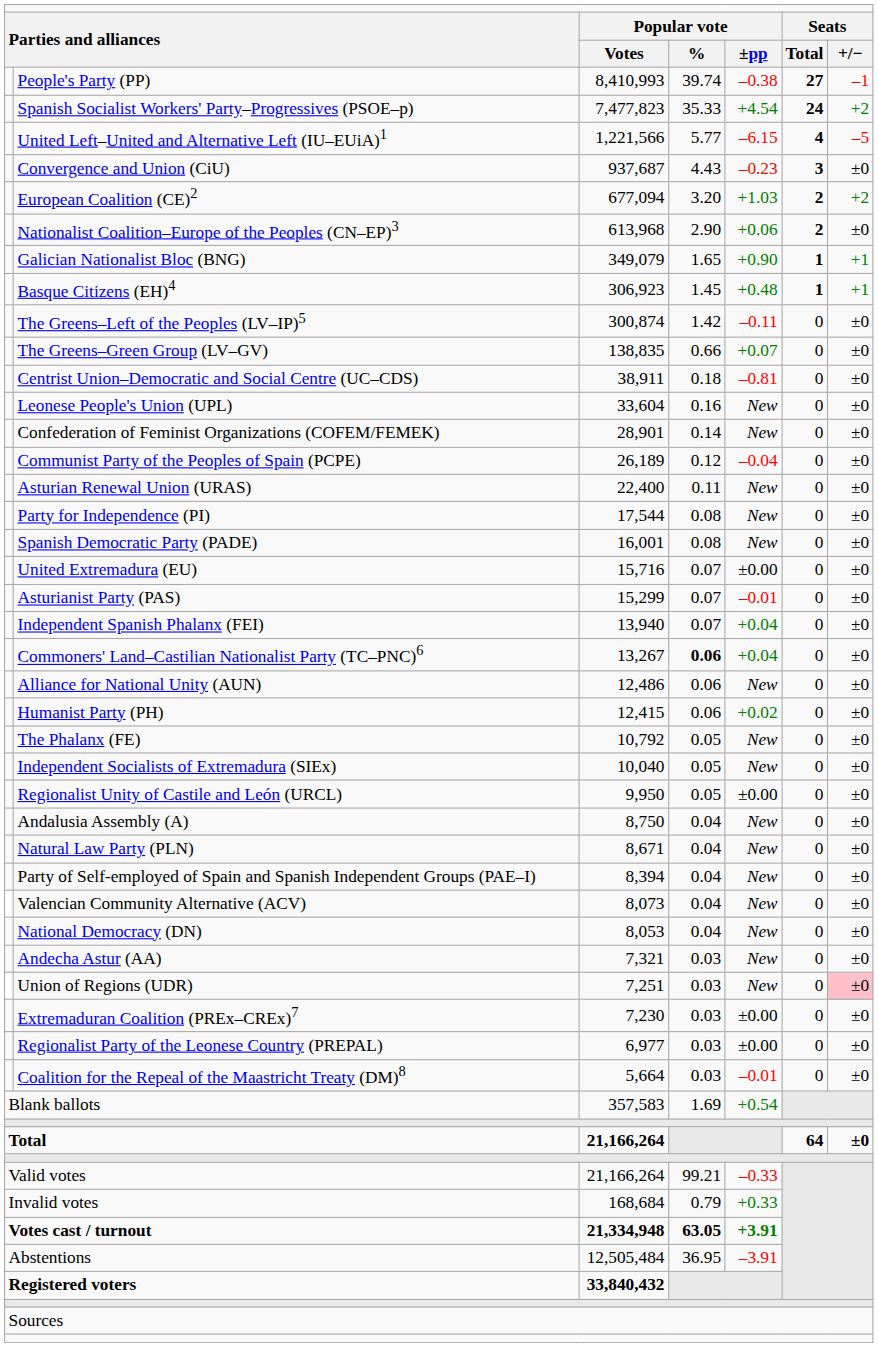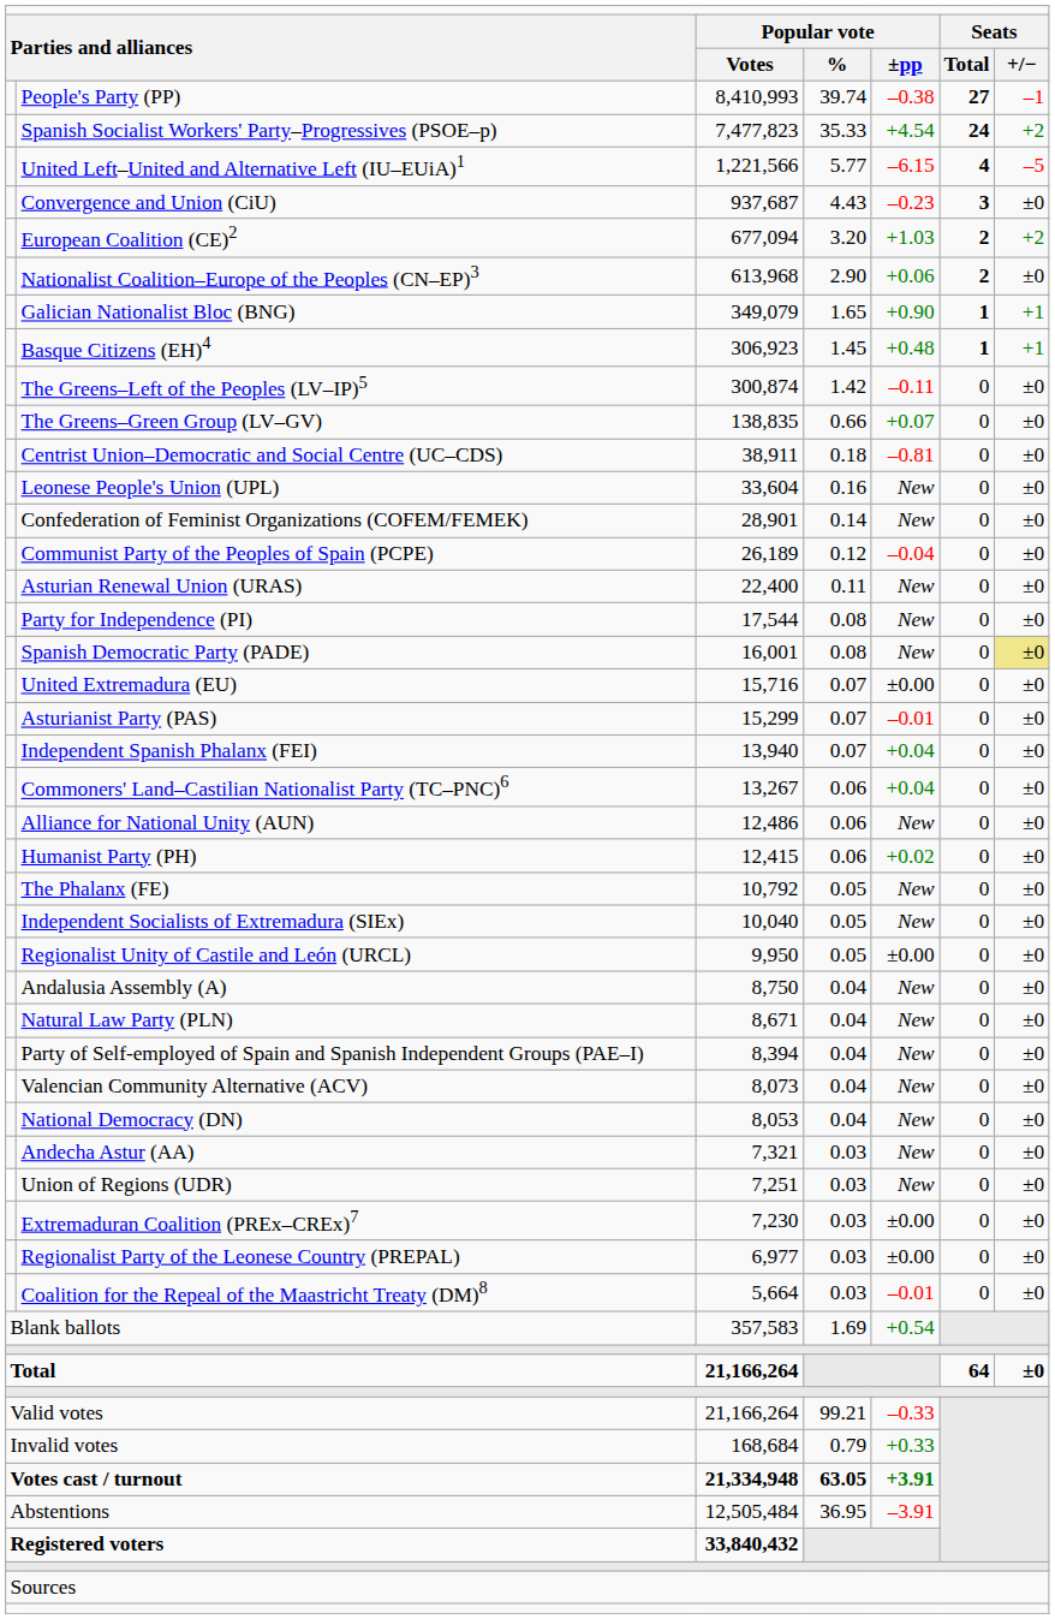 <table class="wikitable" style="text-align:right;">
 <tr>
 <td colspan="7"></td>
 </tr>
 <tr>
 <th style="text-align:left;" rowspan="2" colspan="2" width="525">Parties and alliances</th>
 <th colspan="3">Popular vote</th>
 <th colspan="2">Seats</th>
 </tr>
 <tr>
 <th width="75">Votes</th>
 <th width="45">%</th>
 <th width="45">±<a href='#'>pp</a></th>
 <th width="35">Total</th>
 <th width="35">+/−</th>
 </tr>
 <tr>
 <td width="1" style="color:inherit;background:"></td>
 <td align="left"><a href='#'>People's Party</a> (PP)</td>
 <td>8,410,993</td>
 <td>39.74</td>
 <td style="color:red;">–0.38</td>
 <td><strong>27</strong></td>
 <td style="color:red;">–1</td>
 </tr>
 <tr>
 <td style="color:inherit;background:"></td>
 <td align="left"><a href='#'>Spanish Socialist Workers' Party</a>–<a href='#'>Progressives</a> (PSOE–p)</td>
 <td>7,477,823</td>
 <td>35.33</td>
 <td style="color:green;">+4.54</td>
 <td><strong>24</strong></td>
 <td style="color:green;">+2</td>
 </tr>
 <tr>
 <td style="color:inherit;background:"></td>
 <td align="left"><a href='#'>United Left</a>–<a href='#'>United and Alternative Left</a> (IU–EUiA)<sup>1</sup></td>
 <td>1,221,566</td>
 <td>5.77</td>
 <td style="color:red;">–6.15</td>
 <td><strong>4</strong></td>
 <td style="color:red;">–5</td>
 </tr>
 <tr>
 <td style="color:inherit;background:"></td>
 <td align="left"><a href='#'>Convergence and Union</a> (CiU)</td>
 <td>937,687</td>
 <td>4.43</td>
 <td style="color:red;">–0.23</td>
 <td><strong>3</strong></td>
 <td>±0</td>
 </tr>
 <tr>
 <td style="color:inherit;background:"></td>
 <td align="left"><a href='#'>European Coalition</a> (CE)<sup>2</sup></td>
 <td>677,094</td>
 <td>3.20</td>
 <td style="color:green;">+1.03</td>
 <td><strong>2</strong></td>
 <td style="color:green;">+2</td>
 </tr>
 <tr>
 <td style="color:inherit;background:"></td>
 <td align="left"><a href='#'>Nationalist Coalition–Europe of the Peoples</a> (CN–EP)<sup>3</sup></td>
 <td>613,968</td>
 <td>2.90</td>
 <td style="color:green;">+0.06</td>
 <td><strong>2</strong></td>
 <td>±0</td>
 </tr>
 <tr>
 <td style="color:inherit;background:"></td>
 <td align="left"><a href='#'>Galician Nationalist Bloc</a> (BNG)</td>
 <td>349,079</td>
 <td>1.65</td>
 <td style="color:green;">+0.90</td>
 <td><strong>1</strong></td>
 <td style="color:green;">+1</td>
 </tr>
 <tr>
 <td style="color:inherit;background:"></td>
 <td align="left"><a href='#'>Basque Citizens</a> (EH)<sup>4</sup></td>
 <td>306,923</td>
 <td>1.45</td>
 <td style="color:green;">+0.48</td>
 <td><strong>1</strong></td>
 <td style="color:green;">+1</td>
 </tr>
 <tr>
 <td style="color:inherit;background:"></td>
 <td align="left"><a href='#'>The Greens–Left of the Peoples</a> (LV–IP)<sup>5</sup></td>
 <td>300,874</td>
 <td>1.42</td>
 <td style="color:red;">–0.11</td>
 <td>0</td>
 <td>±0</td>
 </tr>
 <tr>
 <td style="color:inherit;background:"></td>
 <td align="left"><a href='#'>The Greens–Green Group</a> (LV–GV)</td>
 <td>138,835</td>
 <td>0.66</td>
 <td style="color:green;">+0.07</td>
 <td>0</td>
 <td>±0</td>
 </tr>
 <tr>
 <td style="color:inherit;background:"></td>
 <td align="left"><a href='#'>Centrist Union–Democratic and Social Centre</a> (UC–CDS)</td>
 <td>38,911</td>
 <td>0.18</td>
 <td style="color:red;">–0.81</td>
 <td>0</td>
 <td>±0</td>
 </tr>
 <tr>
 <td style="color:inherit;background:"></td>
 <td align="left"><a href='#'>Leonese People's Union</a> (UPL)</td>
 <td>33,604</td>
 <td>0.16</td>
 <td><em>New</em></td>
 <td>0</td>
 <td>±0</td>
 </tr>
 <tr>
 <td style="color:inherit;background:"></td>
 <td align="left">Confederation of Feminist Organizations (COFEM/FEMEK)</td>
 <td>28,901</td>
 <td>0.14</td>
 <td><em>New</em></td>
 <td>0</td>
 <td>±0</td>
 </tr>
 <tr>
 <td style="color:inherit;background:"></td>
 <td align="left"><a href='#'>Communist Party of the Peoples of Spain</a> (PCPE)</td>
 <td>26,189</td>
 <td>0.12</td>
 <td style="color:red;">–0.04</td>
 <td>0</td>
 <td>±0</td>
 </tr>
 <tr>
 <td style="color:inherit;background:"></td>
 <td align="left"><a href='#'>Asturian Renewal Union</a> (URAS)</td>
 <td>22,400</td>
 <td>0.11</td>
 <td><em>New</em></td>
 <td>0</td>
 <td>±0</td>
 </tr>
 <tr>
 <td style="color:inherit;background:"></td>
 <td align="left"><a href='#'>Party for Independence</a> (PI)</td>
 <td>17,544</td>
 <td>0.08</td>
 <td><em>New</em></td>
 <td>0</td>
 <td>±0</td>
 </tr>
 <tr>
 <td style="color:inherit;background:"></td>
 <td align="left"><a href='#'>Spanish Democratic Party</a> (PADE)</td>
 <td>16,001</td>
 <td>0.08</td>
 <td><em>New</em></td>
 <td>0</td>
-<td>±0</td>
+<td style="background: khaki;">±0</td>
 </tr>
 <tr>
 <td style="color:inherit;background:"></td>
 <td align="left"><a href='#'>United Extremadura</a> (EU)</td>
 <td>15,716</td>
 <td>0.07</td>
 <td>±0.00</td>
 <td>0</td>
 <td>±0</td>
 </tr>
 <tr>
 <td style="color:inherit;background:"></td>
 <td align="left"><a href='#'>Asturianist Party</a> (PAS)</td>
 <td>15,299</td>
 <td>0.07</td>
 <td style="color:red;">–0.01</td>
 <td>0</td>
 <td>±0</td>
 </tr>
 <tr>
 <td style="color:inherit;background:"></td>
 <td align="left"><a href='#'>Independent Spanish Phalanx</a> (FEI)</td>
 <td>13,940</td>
 <td>0.07</td>
 <td style="color:green;">+0.04</td>
 <td>0</td>
 <td>±0</td>
 </tr>
 <tr>
 <td style="color:inherit;background:"></td>
 <td align="left"><a href='#'>Commoners' Land–Castilian Nationalist Party</a> (TC–PNC)<sup>6</sup></td>
 <td>13,267</td>
-<td><strong>0.06</strong></td>
+<td>0.06</td>
 <td style="color:green;">+0.04</td>
 <td>0</td>
 <td>±0</td>
 </tr>
 <tr>
 <td style="color:inherit;background:"></td>
 <td align="left"><a href='#'>Alliance for National Unity</a> (AUN)</td>
 <td>12,486</td>
 <td>0.06</td>
 <td><em>New</em></td>
 <td>0</td>
 <td>±0</td>
 </tr>
 <tr>
 <td style="color:inherit;background:"></td>
 <td align="left"><a href='#'>Humanist Party</a> (PH)</td>
 <td>12,415</td>
 <td>0.06</td>
 <td style="color:green;">+0.02</td>
 <td>0</td>
 <td>±0</td>
 </tr>
 <tr>
 <td style="color:inherit;background:"></td>
 <td align="left"><a href='#'>The Phalanx</a> (FE)</td>
 <td>10,792</td>
 <td>0.05</td>
 <td><em>New</em></td>
 <td>0</td>
 <td>±0</td>
 </tr>
 <tr>
 <td style="color:inherit;background:"></td>
 <td align="left"><a href='#'>Independent Socialists of Extremadura</a> (SIEx)</td>
 <td>10,040</td>
 <td>0.05</td>
 <td><em>New</em></td>
 <td>0</td>
 <td>±0</td>
 </tr>
 <tr>
 <td style="color:inherit;background:"></td>
 <td align="left"><a href='#'>Regionalist Unity of Castile and León</a> (URCL)</td>
 <td>9,950</td>
 <td>0.05</td>
 <td>±0.00</td>
 <td>0</td>
 <td>±0</td>
 </tr>
 <tr>
 <td style="color:inherit;background:"></td>
 <td align="left">Andalusia Assembly (A)</td>
 <td>8,750</td>
 <td>0.04</td>
 <td><em>New</em></td>
 <td>0</td>
 <td>±0</td>
 </tr>
 <tr>
 <td style="color:inherit;background:"></td>
 <td align="left"><a href='#'>Natural Law Party</a> (PLN)</td>
 <td>8,671</td>
 <td>0.04</td>
 <td><em>New</em></td>
 <td>0</td>
 <td>±0</td>
 </tr>
 <tr>
 <td style="color:inherit;background:"></td>
 <td align="left">Party of Self-employed of Spain and Spanish Independent Groups (PAE–I)</td>
 <td>8,394</td>
 <td>0.04</td>
 <td><em>New</em></td>
 <td>0</td>
 <td>±0</td>
 </tr>
 <tr>
 <td bgcolor="white"></td>
 <td align="left">Valencian Community Alternative (ACV)</td>
 <td>8,073</td>
 <td>0.04</td>
 <td><em>New</em></td>
 <td>0</td>
 <td>±0</td>
 </tr>
 <tr>
 <td style="color:inherit;background:"></td>
 <td align="left"><a href='#'>National Democracy</a> (DN)</td>
 <td>8,053</td>
 <td>0.04</td>
 <td><em>New</em></td>
 <td>0</td>
 <td>±0</td>
 </tr>
 <tr>
 <td style="color:inherit;background:"></td>
 <td align="left"><a href='#'>Andecha Astur</a> (AA)</td>
 <td>7,321</td>
 <td>0.03</td>
 <td><em>New</em></td>
 <td>0</td>
 <td>±0</td>
 </tr>
 <tr>
 <td bgcolor="white"></td>
 <td align="left">Union of Regions (UDR)</td>
 <td>7,251</td>
 <td>0.03</td>
 <td><em>New</em></td>
 <td>0</td>
-<td style="background: pink;">±0</td>
+<td>±0</td>
 </tr>
 <tr>
 <td style="color:inherit;background:"></td>
 <td align="left"><a href='#'>Extremaduran Coalition</a> (PREx–CREx)<sup>7</sup></td>
 <td>7,230</td>
 <td>0.03</td>
 <td>±0.00</td>
 <td>0</td>
 <td>±0</td>
 </tr>
 <tr>
 <td style="color:inherit;background:"></td>
 <td align="left"><a href='#'>Regionalist Party of the Leonese Country</a> (PREPAL)</td>
 <td>6,977</td>
 <td>0.03</td>
 <td>±0.00</td>
 <td>0</td>
 <td>±0</td>
 </tr>
 <tr>
 <td style="color:inherit;background:"></td>
 <td align="left"><a href='#'>Coalition for the Repeal of the Maastricht Treaty</a> (DM)<sup>8</sup></td>
 <td>5,664</td>
 <td>0.03</td>
 <td style="color:red;">–0.01</td>
 <td>0</td>
 <td>±0</td>
 </tr>
 <tr>
 <td align="left" colspan="2">Blank ballots</td>
 <td>357,583</td>
 <td>1.69</td>
 <td style="color:green;">+0.54</td>
 <td bgcolor="#E9E9E9" colspan="2"></td>
 </tr>
 <tr>
 <td colspan="7" bgcolor="#E9E9E9"></td>
 </tr>
 <tr style="font-weight:bold;">
 <td align="left" colspan="2">Total</td>
 <td>21,166,264</td>
 <td bgcolor="#E9E9E9" colspan="2"></td>
 <td>64</td>
 <td>±0</td>
 </tr>
 <tr>
 <td colspan="7" bgcolor="#E9E9E9"></td>
 </tr>
 <tr>
 <td align="left" colspan="2">Valid votes</td>
 <td>21,166,264</td>
 <td>99.21</td>
 <td style="color:red;">–0.33</td>
 <td bgcolor="#E9E9E9" colspan="2" rowspan="5"></td>
 </tr>
 <tr>
 <td align="left" colspan="2">Invalid votes</td>
 <td>168,684</td>
 <td>0.79</td>
 <td style="color:green;">+0.33</td>
 </tr>
 <tr style="font-weight:bold;">
 <td align="left" colspan="2">Votes cast / turnout</td>
 <td>21,334,948</td>
 <td>63.05</td>
 <td style="color:green;">+3.91</td>
 </tr>
 <tr>
 <td align="left" colspan="2">Abstentions</td>
 <td>12,505,484</td>
 <td>36.95</td>
 <td style="color:red;">–3.91</td>
 </tr>
 <tr style="font-weight:bold;">
 <td align="left" colspan="2">Registered voters</td>
 <td>33,840,432</td>
 <td bgcolor="#E9E9E9" colspan="2"></td>
 </tr>
 <tr>
 <td colspan="7" bgcolor="#E9E9E9"></td>
 </tr>
 <tr>
 <td align="left" colspan="7">Sources</td>
 </tr>
 <tr>
 <td colspan="7" style="text-align:left; max-width:790px;"></td>
 </tr>
 </table>
